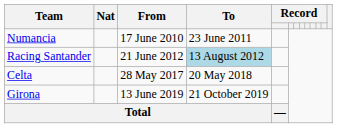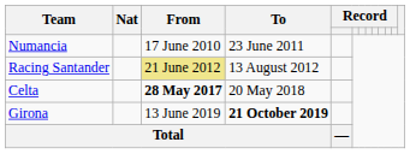 <table class="wikitable" style="text-align: center">
 <tr>
 <th rowspan="2">Team</th>
 <th rowspan="2">Nat</th>
 <th rowspan="2">From</th>
 <th rowspan="2">To</th>
 <th colspan="8">Record</th>
 <th rowspan=2></th>
 </tr>
 <tr>
 <th></th>
 <th></th>
 <th></th>
 <th></th>
 <th></th>
 <th></th>
 <th></th>
 <th></th>
 </tr>
 <tr>
 <td align=left><a href='#'>Numancia</a></td>
 <td></td>
 <td align=left>17 June 2010</td>
 <td align=left>23 June 2011<br></td>
 <td></td>
 </tr>
 <tr>
 <td align=left><a href='#'>Racing Santander</a></td>
 <td></td>
-<td align=left>21 June 2012</td>
-<td align=left style="background: lightblue;">13 August 2012<br></td>
+<td align=left style="background: khaki;">21 June 2012</td>
+<td align=left>13 August 2012<br></td>
 <td></td>
 </tr>
 <tr>
 <td align=left><a href='#'>Celta</a></td>
 <td></td>
-<td align=left>28 May 2017</td>
+<td align=left><strong>28 May 2017</strong></td>
 <td align=left>20 May 2018<br></td>
 <td></td>
 </tr>
 <tr>
 <td align=left><a href='#'>Girona</a></td>
 <td></td>
 <td align=left>13 June 2019</td>
-<td align=left>21 October 2019<br></td>
+<td align=left><strong>21 October 2019<br></strong></td>
 <td></td>
 </tr>
 <tr>
 <th colspan="4">Total<br></th>
 <th>—</th>
 </tr>
 </table>
